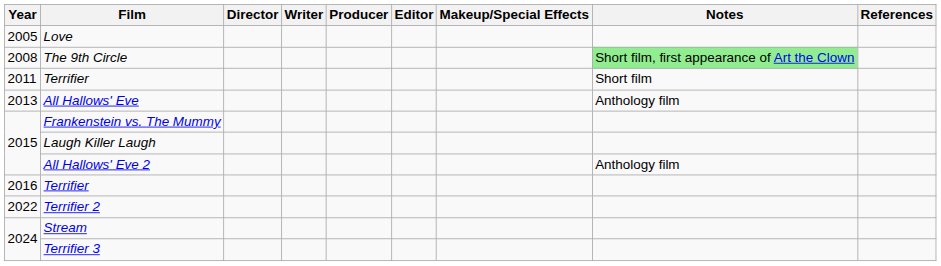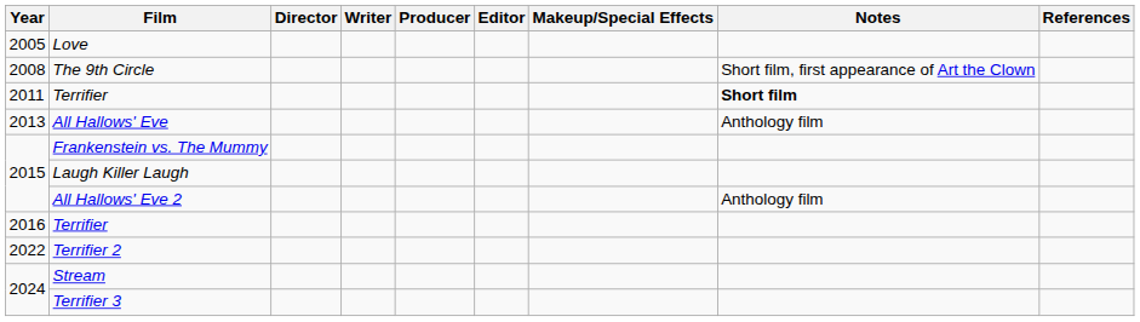 <table class="wikitable">
 <tr>
 <th>Year</th>
 <th>Film</th>
 <th>Director</th>
 <th>Writer</th>
 <th>Producer</th>
 <th>Editor</th>
 <th>Makeup/Special Effects</th>
 <th>Notes</th>
 <th>References</th>
 </tr>
 <tr>
 <td>2005</td>
 <td><em>Love</em></td>
 <td></td>
 <td></td>
 <td></td>
 <td></td>
 <td></td>
 <td></td>
 <td></td>
 </tr>
 <tr>
 <td>2008</td>
 <td><em>The 9th Circle</em></td>
 <td></td>
 <td></td>
 <td></td>
 <td></td>
 <td></td>
-<td style="background: lightgreen;">Short film, first appearance of <a href='#'>Art the Clown</a></td>
+<td>Short film, first appearance of <a href='#'>Art the Clown</a></td>
 <td></td>
 </tr>
 <tr>
 <td>2011</td>
 <td><em>Terrifier</em></td>
 <td></td>
 <td></td>
 <td></td>
 <td></td>
 <td></td>
-<td>Short film</td>
+<td><strong>Short film</strong></td>
 <td></td>
 </tr>
 <tr>
 <td>2013</td>
 <td><em><a href='#'>All Hallows' Eve</a></em></td>
 <td></td>
 <td></td>
 <td></td>
 <td></td>
 <td></td>
 <td>Anthology film</td>
 <td></td>
 </tr>
 <tr>
 <td rowspan=3>2015</td>
 <td><em><a href='#'>Frankenstein vs. The Mummy</a></em></td>
 <td></td>
 <td></td>
 <td></td>
 <td></td>
 <td></td>
 <td></td>
 <td></td>
 </tr>
 <tr>
 <td><em>Laugh Killer Laugh</em></td>
 <td></td>
 <td></td>
 <td></td>
 <td></td>
 <td></td>
 <td></td>
 <td></td>
 </tr>
 <tr>
 <td><em><a href='#'>All Hallows' Eve 2</a></em></td>
 <td></td>
 <td></td>
 <td></td>
 <td></td>
 <td></td>
 <td>Anthology film</td>
 <td></td>
 </tr>
 <tr>
 <td>2016</td>
 <td><em><a href='#'>Terrifier</a></em></td>
 <td></td>
 <td></td>
 <td></td>
 <td></td>
 <td></td>
 <td></td>
 <td></td>
 </tr>
 <tr>
 <td>2022</td>
 <td><em><a href='#'>Terrifier 2</a></em></td>
 <td></td>
 <td></td>
 <td></td>
 <td></td>
 <td></td>
 <td></td>
 <td></td>
 </tr>
 <tr>
 <td rowspan=2>2024</td>
 <td><em><a href='#'>Stream</a></em></td>
 <td></td>
 <td></td>
 <td></td>
 <td></td>
 <td></td>
 <td></td>
 <td></td>
 </tr>
 <tr>
 <td><em><a href='#'>Terrifier 3</a></em></td>
 <td></td>
 <td></td>
 <td></td>
 <td></td>
 <td></td>
 <td></td>
 <td></td>
 </tr>
 </table>
